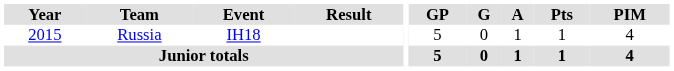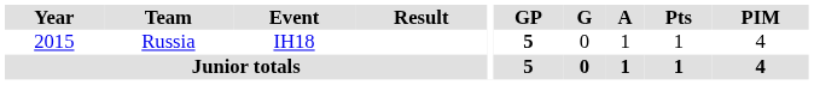 <table border="0" cellpadding="1" cellspacing="0" ID="Table3" style="text-align:center; width:40em">
 <tr ALIGN="center" bgcolor="#e0e0e0">
 <th>Year</th>
 <th>Team</th>
 <th>Event</th>
 <th>Result</th>
 <th rowspan="99" bgcolor="#ffffff"></th>
 <th>GP</th>
 <th>G</th>
 <th>A</th>
 <th>Pts</th>
 <th>PIM</th>
 </tr>
 <tr>
 <td><a href='#'>2015</a></td>
 <td><a href='#'>Russia</a></td>
 <td><a href='#'>IH18</a></td>
 <td></td>
-<td>5</td>
+<td><strong>5</strong></td>
 <td>0</td>
 <td>1</td>
 <td>1</td>
 <td>4</td>
 </tr>
 <tr bgcolor="#e0e0e0">
 <th colspan="4">Junior totals</th>
 <th>5</th>
 <th>0</th>
 <th>1</th>
 <th>1</th>
 <th>4</th>
 </tr>
 </table>
